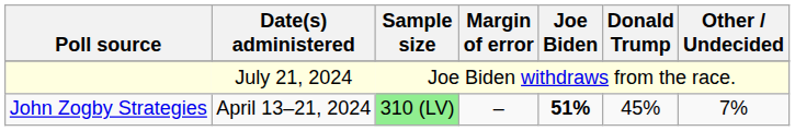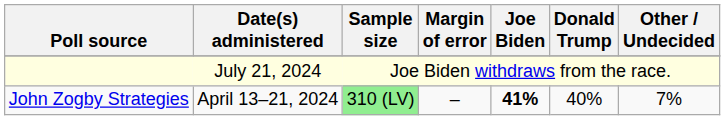 <table class="wikitable sortable mw-datatable" style="font-size:90%;text-align:center;line-height:17px">
 <tr valign=bottom>
 <th>Poll source</th>
 <th>Date(s)<br>administered</th>
 <th>Sample<br>size</th>
 <th>Margin<br>of error</th>
 <th class="unsortable">Joe<br>Biden<br></th>
 <th class="unsortable">Donald<br>Trump<br></th>
 <th class="unsortable">Other /<br>Undecided</th>
 </tr>
 <tr>
 </tr>
 <tr style="background:lightyellow;">
 <td style="border-right-style:hidden;"></td>
 <td style="border-right-style:hidden; " data-sort-value="2024-07-21">July 21, 2024</td>
 <td colspan="5">Joe Biden <a href='#'>withdraws</a> from the race.</td>
 </tr>
 <tr>
 <td style="text-align:left;"><a href='#'>John Zogby Strategies</a></td>
 <td data-sort-value="2024-05-01">April 13–21, 2024</td>
 <td style="background: lightgreen;">310 (LV)</td>
 <td>–</td>
-<td style="color:black;background-color:"><strong>51%</strong></td>
-<td>45%</td>
+<td style="color:black;background-color:"><strong>41%</strong></td>
+<td>40%</td>
 <td>7%</td>
 </tr>
 </table>
